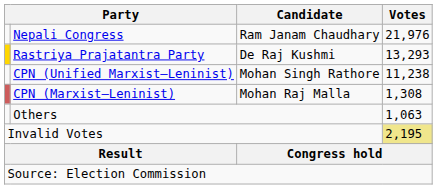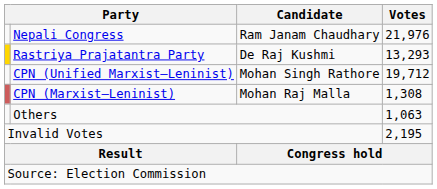 <table class="wikitable">
 <tr>
 <th colspan="2">Party</th>
 <th>Candidate</th>
 <th>Votes</th>
 </tr>
 <tr>
 <td style="background-color:"></td>
 <td><a href='#'>Nepali Congress</a></td>
 <td>Ram Janam Chaudhary</td>
 <td>21,976</td>
 </tr>
 <tr>
 <td style="background-color:gold"></td>
 <td><a href='#'>Rastriya Prajatantra Party</a></td>
 <td>De Raj Kushmi</td>
 <td>13,293</td>
 </tr>
 <tr>
 <td style="background-color:"></td>
 <td><a href='#'>CPN (Unified Marxist–Leninist)</a></td>
 <td>Mohan Singh Rathore</td>
-<td>11,238</td>
+<td>19,712</td>
 </tr>
 <tr>
 <td style="background-color:indianred"></td>
 <td><a href='#'>CPN (Marxist–Leninist)</a></td>
 <td>Mohan Raj Malla</td>
 <td>1,308</td>
 </tr>
 <tr>
 <td></td>
 <td colspan="2">Others</td>
 <td>1,063</td>
 </tr>
 <tr>
 <td colspan="3">Invalid Votes</td>
-<td style="background: khaki;">2,195</td>
+<td>2,195</td>
 </tr>
 <tr>
 <th colspan="2">Result</th>
 <th colspan="2">Congress hold</th>
 </tr>
 <tr>
 <td colspan="4">Source: Election Commission</td>
 </tr>
 </table>
